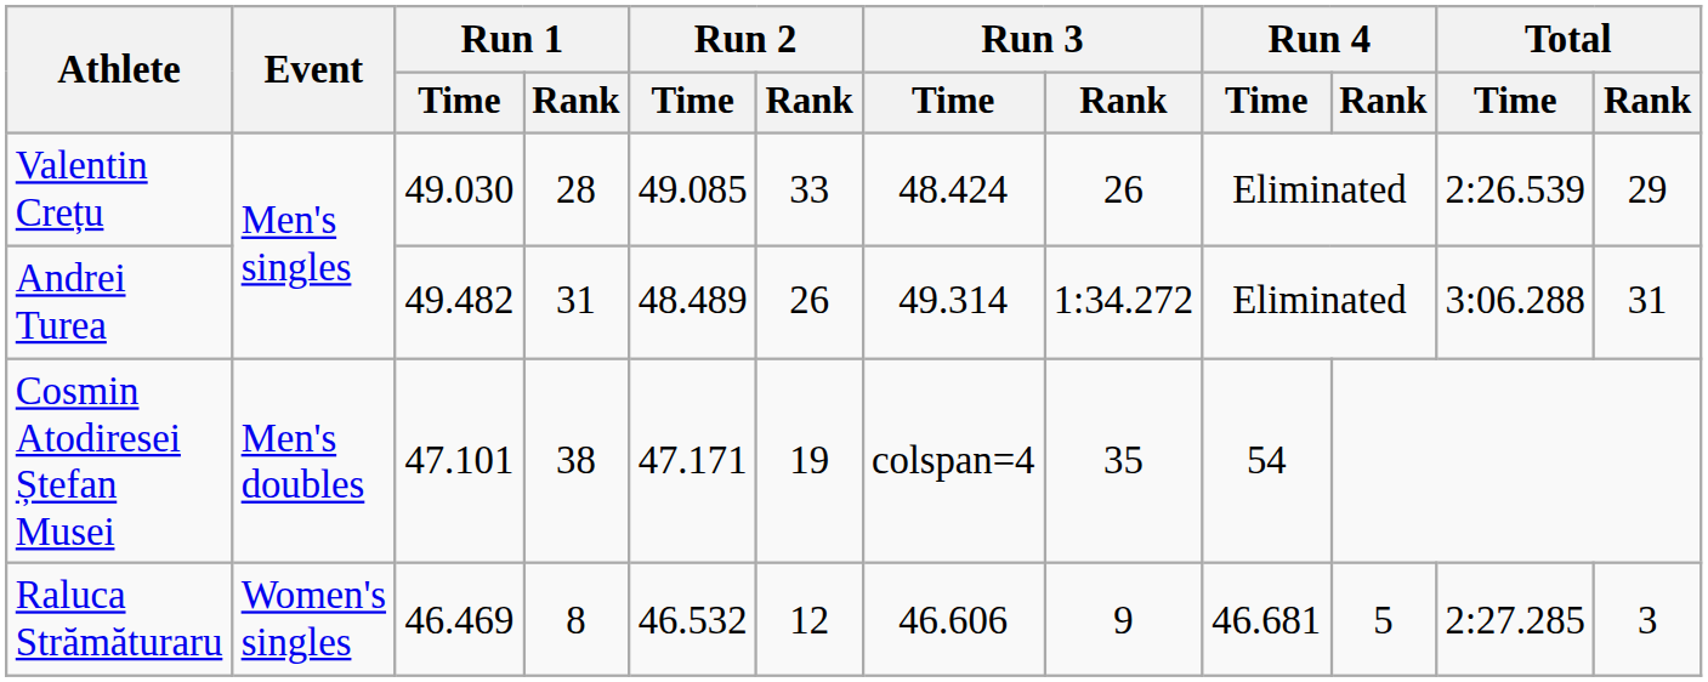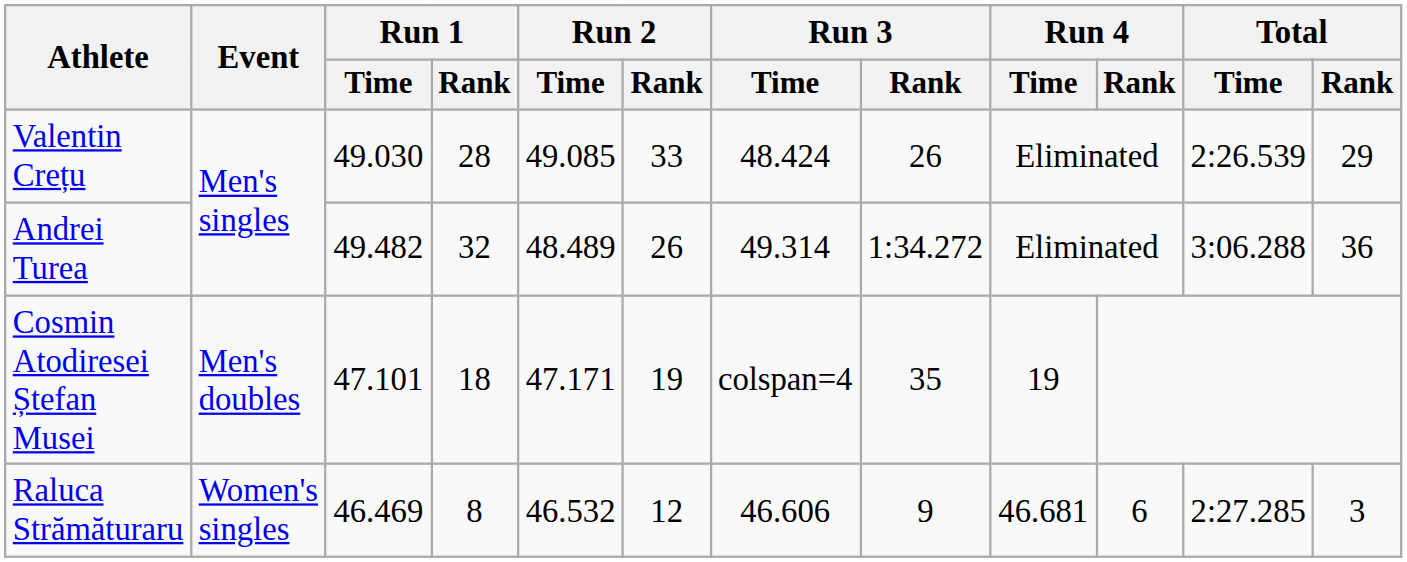 <table class="wikitable" style="font-size:90%">
 <tr>
 <th rowspan="2">Athlete</th>
 <th rowspan="2">Event</th>
 <th colspan=2>Run 1</th>
 <th colspan=2>Run 2</th>
 <th colspan=2>Run 3</th>
 <th colspan=2>Run 4</th>
 <th colspan=2>Total</th>
 </tr>
 <tr style="font-size:95%">
 <th>Time</th>
 <th>Rank</th>
 <th>Time</th>
 <th>Rank</th>
 <th>Time</th>
 <th>Rank</th>
 <th>Time</th>
 <th>Rank</th>
 <th>Time</th>
 <th>Rank</th>
 </tr>
 <tr align=center>
 <td align=left><a href='#'>Valentin Crețu</a></td>
 <td align=left rowspan=2><a href='#'>Men's singles</a></td>
 <td>49.030</td>
 <td>28</td>
 <td>49.085</td>
 <td>33</td>
 <td>48.424</td>
 <td>26</td>
 <td colspan=2>Eliminated</td>
 <td>2:26.539</td>
 <td>29</td>
 </tr>
 <tr align=center>
 <td align=left><a href='#'>Andrei Turea</a></td>
 <td>49.482</td>
-<td>31</td>
+<td>32</td>
 <td>48.489</td>
 <td>26</td>
 <td>49.314</td>
 <td>1:34.272</td>
 <td colspan=2>Eliminated</td>
 <td>3:06.288</td>
-<td>31</td>
+<td>36</td>
 </tr>
 <tr align=center>
 <td align=left><a href='#'>Cosmin Atodiresei</a><br><a href='#'>Ștefan Musei</a></td>
 <td align=left><a href='#'>Men's doubles</a></td>
 <td>47.101</td>
-<td>38</td>
+<td>18</td>
 <td>47.171</td>
 <td>19</td>
 <td>colspan=4 </td>
 <td>35</td>
-<td>54</td>
+<td>19</td>
 </tr>
 <tr align=center>
 <td align=left><a href='#'>Raluca Strămăturaru</a></td>
 <td align=left><a href='#'>Women's singles</a></td>
 <td>46.469</td>
 <td>8</td>
 <td>46.532</td>
 <td>12</td>
 <td>46.606</td>
 <td>9</td>
 <td>46.681</td>
-<td>5</td>
+<td>6</td>
 <td>2:27.285</td>
 <td>3</td>
 </tr>
 </table>
